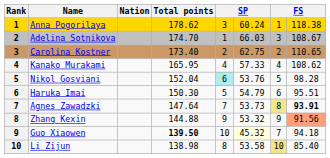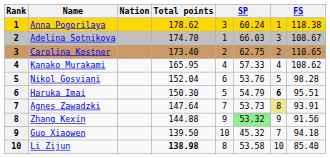 <table class="wikitable sortable">
 <tr>
 <th>Rank</th>
 <th>Name</th>
 <th>Nation</th>
 <th>Total points</th>
 <th colspan="2" width="80px"><a href='#'>SP</a></th>
 <th colspan="2" width="80px"><a href='#'>FS</a></th>
 </tr>
 <tr bgcolor="gold">
 <td align="center"><strong>1</strong></td>
 <td><a href='#'>Anna Pogorilaya</a></td>
 <td></td>
 <td align="center">178.62</td>
 <td align="center">3</td>
 <td align="center">60.24</td>
 <td align="center">1</td>
 <td align="center">118.38</td>
 </tr>
 <tr bgcolor="silver">
 <td align="center"><strong>2</strong></td>
 <td><a href='#'>Adelina Sotnikova</a></td>
 <td></td>
 <td align="center">174.70</td>
 <td align="center">1</td>
 <td align="center">66.03</td>
 <td align="center">3</td>
 <td align="center">108.67</td>
 </tr>
 <tr bgcolor="cc9966">
 <td align="center"><strong>3</strong></td>
 <td><a href='#'>Carolina Kostner</a></td>
 <td></td>
 <td align="center">173.40</td>
 <td align="center">2</td>
 <td align="center">62.75</td>
 <td align="center">2</td>
 <td align="center">110.65</td>
 </tr>
 <tr>
 <th>4</th>
 <td><a href='#'>Kanako Murakami</a></td>
 <td></td>
 <td align="center">165.95</td>
 <td align="center">4</td>
 <td align="center">57.33</td>
 <td align="center">4</td>
 <td align="center">108.62</td>
 </tr>
 <tr>
 <th>5</th>
 <td><a href='#'>Nikol Gosviani</a></td>
 <td></td>
 <td align="center">152.04</td>
-<td align="center" style="background: paleturquoise;">6</td>
+<td align="center">6</td>
 <td align="center">53.76</td>
 <td align="center">5</td>
 <td align="center">98.28</td>
 </tr>
 <tr>
 <th>6</th>
 <td><a href='#'>Haruka Imai</a></td>
 <td></td>
 <td align="center">150.30</td>
 <td align="center">5</td>
 <td align="center">54.79</td>
-<td align="center">6</td>
+<td align="center"><strong>6</strong></td>
 <td align="center">95.51</td>
 </tr>
 <tr>
 <th>7</th>
 <td><a href='#'>Agnes Zawadzki</a></td>
 <td></td>
 <td align="center">147.64</td>
 <td align="center">7</td>
 <td align="center">53.73</td>
 <td align="center" style="background: khaki;">8</td>
-<td align="center"><strong>93.91</strong></td>
+<td align="center">93.91</td>
 </tr>
 <tr>
 <th>8</th>
 <td><a href='#'>Zhang Kexin</a></td>
 <td></td>
 <td align="center">144.88</td>
 <td align="center">9</td>
-<td align="center">53.32</td>
+<td align="center" style="background: lightgreen;">53.32</td>
 <td align="center">9</td>
-<td align="center" style="background: lightsalmon;">91.56</td>
+<td align="center">91.56</td>
 </tr>
 <tr>
 <th>9</th>
 <td><a href='#'>Guo Xiaowen</a></td>
 <td></td>
-<td align="center"><strong>139.50</strong></td>
+<td align="center">139.50</td>
 <td align="center">10</td>
-<td align="center" style="background: lightyellow;">45.32</td>
+<td align="center">45.32</td>
 <td align="center">7</td>
 <td align="center">94.18</td>
 </tr>
 <tr>
 <th>10</th>
 <td><a href='#'>Li Zijun</a></td>
 <td></td>
-<td align="center">138.98</td>
+<td align="center"><strong>138.98</strong></td>
 <td align="center">8</td>
 <td align="center">53.58</td>
-<td align="center" style="background: khaki;">10</td>
+<td align="center">10</td>
 <td align="center">85.40</td>
 </tr>
 </table>
